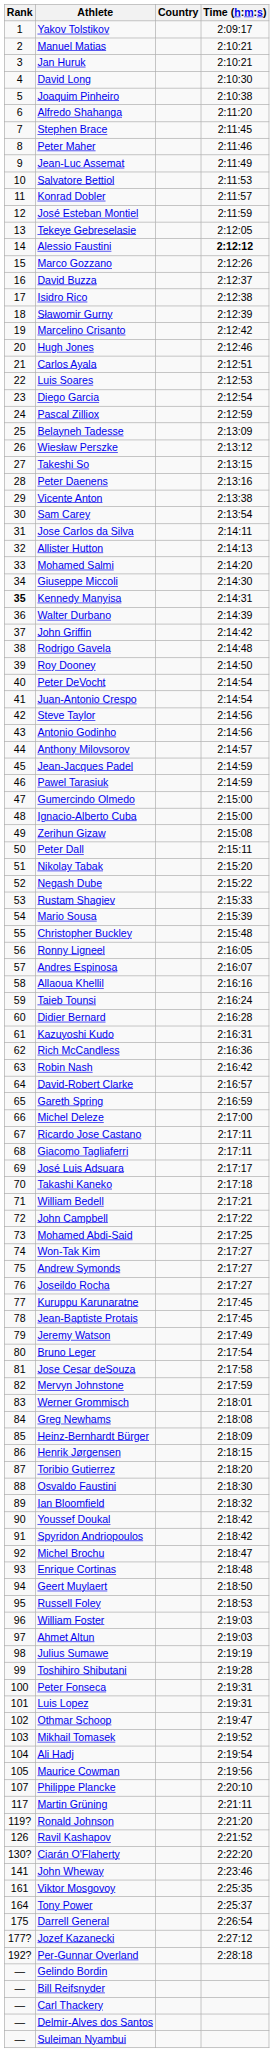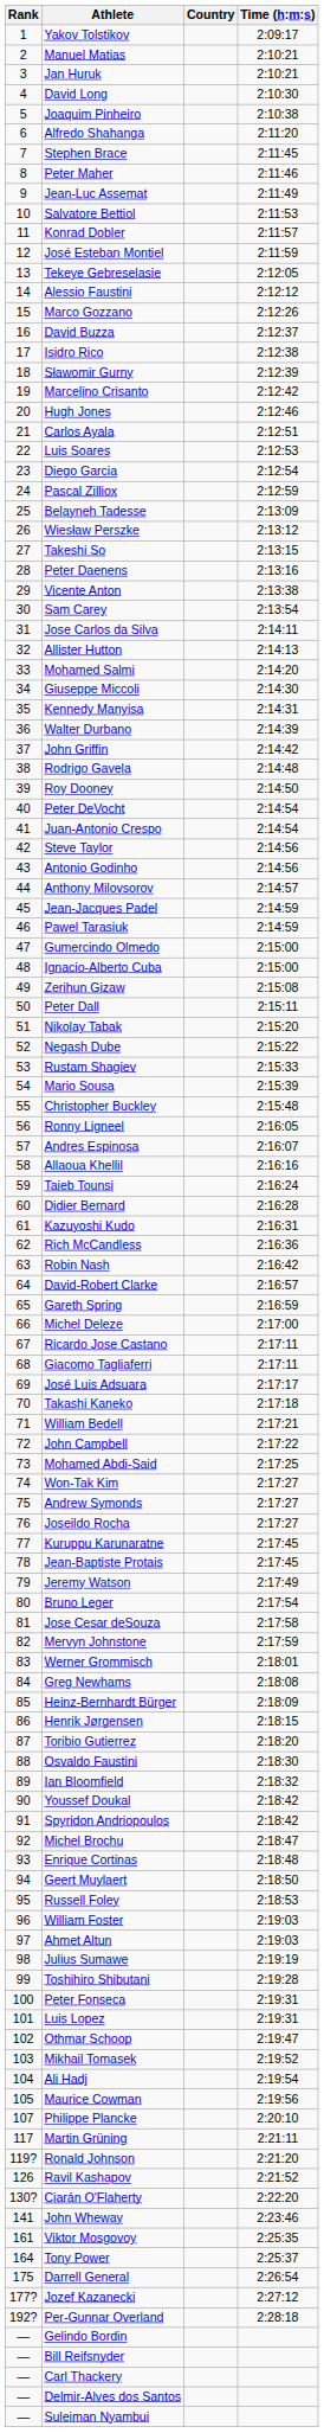 <table class="wikitable sortable" style="text-align:center">
 <tr>
 <th>Rank</th>
 <th>Athlete</th>
 <th>Country</th>
 <th>Time (<a href='#'>h</a>:<a href='#'>m</a>:<a href='#'>s</a>)</th>
 </tr>
 <tr>
 <td>1</td>
 <td align=left><a href='#'>Yakov Tolstikov</a></td>
 <td align=left></td>
 <td>2:09:17</td>
 </tr>
 <tr>
 <td>2</td>
 <td align=left><a href='#'>Manuel Matias</a></td>
 <td align=left></td>
 <td>2:10:21</td>
 </tr>
 <tr>
 <td>3</td>
 <td align=left><a href='#'>Jan Huruk</a></td>
 <td align=left></td>
 <td>2:10:21</td>
 </tr>
 <tr>
 <td>4</td>
 <td align=left><a href='#'>David Long</a></td>
 <td align=left></td>
 <td>2:10:30</td>
 </tr>
 <tr>
 <td>5</td>
 <td align=left><a href='#'>Joaquim Pinheiro</a></td>
 <td align=left></td>
 <td>2:10:38</td>
 </tr>
 <tr>
 <td>6</td>
 <td align=left><a href='#'>Alfredo Shahanga</a></td>
 <td align=left></td>
 <td>2:11:20</td>
 </tr>
 <tr>
 <td>7</td>
 <td align=left><a href='#'>Stephen Brace</a></td>
 <td align=left></td>
 <td>2:11:45</td>
 </tr>
 <tr>
 <td>8</td>
 <td align=left><a href='#'>Peter Maher</a></td>
 <td align=left></td>
 <td>2:11:46</td>
 </tr>
 <tr>
 <td>9</td>
 <td align=left><a href='#'>Jean-Luc Assemat</a></td>
 <td align=left></td>
 <td>2:11:49</td>
 </tr>
 <tr>
 <td>10</td>
 <td align=left><a href='#'>Salvatore Bettiol</a></td>
 <td align=left></td>
 <td>2:11:53</td>
 </tr>
 <tr>
 <td>11</td>
 <td align=left><a href='#'>Konrad Dobler</a></td>
 <td align=left></td>
 <td>2:11:57</td>
 </tr>
 <tr>
 <td>12</td>
 <td align=left><a href='#'>José Esteban Montiel</a></td>
 <td align=left></td>
 <td>2:11:59</td>
 </tr>
 <tr>
 <td>13</td>
 <td align=left><a href='#'>Tekeye Gebreselasie</a></td>
 <td align=left></td>
 <td>2:12:05</td>
 </tr>
 <tr>
 <td>14</td>
 <td align=left><a href='#'>Alessio Faustini</a></td>
 <td align=left></td>
-<td><strong>2:12:12</strong></td>
+<td>2:12:12</td>
 </tr>
 <tr>
 <td>15</td>
 <td align=left><a href='#'>Marco Gozzano</a></td>
 <td align=left></td>
 <td>2:12:26</td>
 </tr>
 <tr>
 <td>16</td>
 <td align=left><a href='#'>David Buzza</a></td>
 <td align=left></td>
 <td>2:12:37</td>
 </tr>
 <tr>
 <td>17</td>
 <td align=left><a href='#'>Isidro Rico</a></td>
 <td align=left></td>
 <td>2:12:38</td>
 </tr>
 <tr>
 <td>18</td>
 <td align=left><a href='#'>Sławomir Gurny</a></td>
 <td align=left></td>
 <td>2:12:39</td>
 </tr>
 <tr>
 <td>19</td>
 <td align=left><a href='#'>Marcelino Crisanto</a></td>
 <td align=left></td>
 <td>2:12:42</td>
 </tr>
 <tr>
 <td>20</td>
 <td align=left><a href='#'>Hugh Jones</a></td>
 <td align=left></td>
 <td>2:12:46</td>
 </tr>
 <tr>
 <td>21</td>
 <td align=left><a href='#'>Carlos Ayala</a></td>
 <td align=left></td>
 <td>2:12:51</td>
 </tr>
 <tr>
 <td>22</td>
 <td align=left><a href='#'>Luis Soares</a></td>
 <td align=left></td>
 <td>2:12:53</td>
 </tr>
 <tr>
 <td>23</td>
 <td align=left><a href='#'>Diego Garcia</a></td>
 <td align=left></td>
 <td>2:12:54</td>
 </tr>
 <tr>
 <td>24</td>
 <td align=left><a href='#'>Pascal Zilliox</a></td>
 <td align=left></td>
 <td>2:12:59</td>
 </tr>
 <tr>
 <td>25</td>
 <td align=left><a href='#'>Belayneh Tadesse</a></td>
 <td align=left></td>
 <td>2:13:09</td>
 </tr>
 <tr>
 <td>26</td>
 <td align=left><a href='#'>Wiesław Perszke</a></td>
 <td align=left></td>
 <td>2:13:12</td>
 </tr>
 <tr>
 <td>27</td>
 <td align=left><a href='#'>Takeshi So</a></td>
 <td align=left></td>
 <td>2:13:15</td>
 </tr>
 <tr>
 <td>28</td>
 <td align=left><a href='#'>Peter Daenens</a></td>
 <td align=left></td>
 <td>2:13:16</td>
 </tr>
 <tr>
 <td>29</td>
 <td align=left><a href='#'>Vicente Anton</a></td>
 <td align=left></td>
 <td>2:13:38</td>
 </tr>
 <tr>
 <td>30</td>
 <td align=left><a href='#'>Sam Carey</a></td>
 <td align=left></td>
 <td>2:13:54</td>
 </tr>
 <tr>
 <td>31</td>
 <td align=left><a href='#'>Jose Carlos da Silva</a></td>
 <td align=left></td>
 <td>2:14:11</td>
 </tr>
 <tr>
 <td>32</td>
 <td align=left><a href='#'>Allister Hutton</a></td>
 <td align=left></td>
 <td>2:14:13</td>
 </tr>
 <tr>
 <td>33</td>
 <td align=left><a href='#'>Mohamed Salmi</a></td>
 <td align=left></td>
 <td>2:14:20</td>
 </tr>
 <tr>
 <td>34</td>
 <td align=left><a href='#'>Giuseppe Miccoli</a></td>
 <td align=left></td>
 <td>2:14:30</td>
 </tr>
 <tr>
-<td><strong>35</strong></td>
+<td>35</td>
 <td align=left><a href='#'>Kennedy Manyisa</a></td>
 <td align=left></td>
 <td>2:14:31</td>
 </tr>
 <tr>
 <td>36</td>
 <td align=left><a href='#'>Walter Durbano</a></td>
 <td align=left></td>
 <td>2:14:39</td>
 </tr>
 <tr>
 <td>37</td>
 <td align=left><a href='#'>John Griffin</a></td>
 <td align=left></td>
 <td>2:14:42</td>
 </tr>
 <tr>
 <td>38</td>
 <td align=left><a href='#'>Rodrigo Gavela</a></td>
 <td align=left></td>
 <td>2:14:48</td>
 </tr>
 <tr>
 <td>39</td>
 <td align=left><a href='#'>Roy Dooney</a></td>
 <td align=left></td>
 <td>2:14:50</td>
 </tr>
 <tr>
 <td>40</td>
 <td align=left><a href='#'>Peter DeVocht</a></td>
 <td align=left></td>
 <td>2:14:54</td>
 </tr>
 <tr>
 <td>41</td>
 <td align=left><a href='#'>Juan-Antonio Crespo</a></td>
 <td align=left></td>
 <td>2:14:54</td>
 </tr>
 <tr>
 <td>42</td>
 <td align=left><a href='#'>Steve Taylor</a></td>
 <td align=left></td>
 <td>2:14:56</td>
 </tr>
 <tr>
 <td>43</td>
 <td align=left><a href='#'>Antonio Godinho</a></td>
 <td align=left></td>
 <td>2:14:56</td>
 </tr>
 <tr>
 <td>44</td>
 <td align=left><a href='#'>Anthony Milovsorov</a></td>
 <td align=left></td>
 <td>2:14:57</td>
 </tr>
 <tr>
 <td>45</td>
 <td align=left><a href='#'>Jean-Jacques Padel</a></td>
 <td align=left></td>
 <td>2:14:59</td>
 </tr>
 <tr>
 <td>46</td>
 <td align=left><a href='#'>Pawel Tarasiuk</a></td>
 <td align=left></td>
 <td>2:14:59</td>
 </tr>
 <tr>
 <td>47</td>
 <td align=left><a href='#'>Gumercindo Olmedo</a></td>
 <td align=left></td>
 <td>2:15:00</td>
 </tr>
 <tr>
 <td>48</td>
 <td align=left><a href='#'>Ignacio-Alberto Cuba</a></td>
 <td align=left></td>
 <td>2:15:00</td>
 </tr>
 <tr>
 <td>49</td>
 <td align=left><a href='#'>Zerihun Gizaw</a></td>
 <td align=left></td>
 <td>2:15:08</td>
 </tr>
 <tr>
 <td>50</td>
 <td align=left><a href='#'>Peter Dall</a></td>
 <td align=left></td>
 <td>2:15:11</td>
 </tr>
 <tr>
 <td>51</td>
 <td align=left><a href='#'>Nikolay Tabak</a></td>
 <td align=left></td>
 <td>2:15:20</td>
 </tr>
 <tr>
 <td>52</td>
 <td align=left><a href='#'>Negash Dube</a></td>
 <td align=left></td>
 <td>2:15:22</td>
 </tr>
 <tr>
 <td>53</td>
 <td align=left><a href='#'>Rustam Shagiev</a></td>
 <td align=left></td>
 <td>2:15:33</td>
 </tr>
 <tr>
 <td>54</td>
 <td align=left><a href='#'>Mario Sousa</a></td>
 <td align=left></td>
 <td>2:15:39</td>
 </tr>
 <tr>
 <td>55</td>
 <td align=left><a href='#'>Christopher Buckley</a></td>
 <td align=left></td>
 <td>2:15:48</td>
 </tr>
 <tr>
 <td>56</td>
 <td align=left><a href='#'>Ronny Ligneel</a></td>
 <td align=left></td>
 <td>2:16:05</td>
 </tr>
 <tr>
 <td>57</td>
 <td align=left><a href='#'>Andres Espinosa</a></td>
 <td align=left></td>
 <td>2:16:07</td>
 </tr>
 <tr>
 <td>58</td>
 <td align=left><a href='#'>Allaoua Khellil</a></td>
 <td align=left></td>
 <td>2:16:16</td>
 </tr>
 <tr>
 <td>59</td>
 <td align=left><a href='#'>Taieb Tounsi</a></td>
 <td align=left></td>
 <td>2:16:24</td>
 </tr>
 <tr>
 <td>60</td>
 <td align=left><a href='#'>Didier Bernard</a></td>
 <td align=left></td>
 <td>2:16:28</td>
 </tr>
 <tr>
 <td>61</td>
 <td align=left><a href='#'>Kazuyoshi Kudo</a></td>
 <td align=left></td>
 <td>2:16:31</td>
 </tr>
 <tr>
 <td>62</td>
 <td align=left><a href='#'>Rich McCandless</a></td>
 <td align=left></td>
 <td>2:16:36</td>
 </tr>
 <tr>
 <td>63</td>
 <td align=left><a href='#'>Robin Nash</a></td>
 <td align=left></td>
 <td>2:16:42</td>
 </tr>
 <tr>
 <td>64</td>
 <td align=left><a href='#'>David-Robert Clarke</a></td>
 <td align=left></td>
 <td>2:16:57</td>
 </tr>
 <tr>
 <td>65</td>
 <td align=left><a href='#'>Gareth Spring</a></td>
 <td align=left></td>
 <td>2:16:59</td>
 </tr>
 <tr>
 <td>66</td>
 <td align=left><a href='#'>Michel Deleze</a></td>
 <td align=left></td>
 <td>2:17:00</td>
 </tr>
 <tr>
 <td>67</td>
 <td align=left><a href='#'>Ricardo Jose Castano</a></td>
 <td align=left></td>
 <td>2:17:11</td>
 </tr>
 <tr>
 <td>68</td>
 <td align=left><a href='#'>Giacomo Tagliaferri</a></td>
 <td align=left></td>
 <td>2:17:11</td>
 </tr>
 <tr>
 <td>69</td>
 <td align=left><a href='#'>José Luis Adsuara</a></td>
 <td align=left></td>
 <td>2:17:17</td>
 </tr>
 <tr>
 <td>70</td>
 <td align=left><a href='#'>Takashi Kaneko</a></td>
 <td align=left></td>
 <td>2:17:18</td>
 </tr>
 <tr>
 <td>71</td>
 <td align=left><a href='#'>William Bedell</a></td>
 <td align=left></td>
 <td>2:17:21</td>
 </tr>
 <tr>
 <td>72</td>
 <td align=left><a href='#'>John Campbell</a></td>
 <td align=left></td>
 <td>2:17:22</td>
 </tr>
 <tr>
 <td>73</td>
 <td align=left><a href='#'>Mohamed Abdi-Said</a></td>
 <td align=left></td>
 <td>2:17:25</td>
 </tr>
 <tr>
 <td>74</td>
 <td align=left><a href='#'>Won-Tak Kim</a></td>
 <td align=left></td>
 <td>2:17:27</td>
 </tr>
 <tr>
 <td>75</td>
 <td align=left><a href='#'>Andrew Symonds</a></td>
 <td align=left></td>
 <td>2:17:27</td>
 </tr>
 <tr>
 <td>76</td>
 <td align=left><a href='#'>Joseildo Rocha</a></td>
 <td align=left></td>
 <td>2:17:27</td>
 </tr>
 <tr>
 <td>77</td>
 <td align=left><a href='#'>Kuruppu Karunaratne</a></td>
 <td align=left></td>
 <td>2:17:45</td>
 </tr>
 <tr>
 <td>78</td>
 <td align=left><a href='#'>Jean-Baptiste Protais</a></td>
 <td align=left></td>
 <td>2:17:45</td>
 </tr>
 <tr>
 <td>79</td>
 <td align=left><a href='#'>Jeremy Watson</a></td>
 <td align=left></td>
 <td>2:17:49</td>
 </tr>
 <tr>
 <td>80</td>
 <td align=left><a href='#'>Bruno Leger</a></td>
 <td align=left></td>
 <td>2:17:54</td>
 </tr>
 <tr>
 <td>81</td>
 <td align=left><a href='#'>Jose Cesar deSouza</a></td>
 <td align=left></td>
 <td>2:17:58</td>
 </tr>
 <tr>
 <td>82</td>
 <td align=left><a href='#'>Mervyn Johnstone</a></td>
 <td align=left></td>
 <td>2:17:59</td>
 </tr>
 <tr>
 <td>83</td>
 <td align=left><a href='#'>Werner Grommisch</a></td>
 <td align=left></td>
 <td>2:18:01</td>
 </tr>
 <tr>
 <td>84</td>
 <td align=left><a href='#'>Greg Newhams</a></td>
 <td align=left></td>
 <td>2:18:08</td>
 </tr>
 <tr>
 <td>85</td>
 <td align=left><a href='#'>Heinz-Bernhardt Bürger</a></td>
 <td align=left></td>
 <td>2:18:09</td>
 </tr>
 <tr>
 <td>86</td>
 <td align=left><a href='#'>Henrik Jørgensen</a></td>
 <td align=left></td>
 <td>2:18:15</td>
 </tr>
 <tr>
 <td>87</td>
 <td align=left><a href='#'>Toribio Gutierrez</a></td>
 <td align=left></td>
 <td>2:18:20</td>
 </tr>
 <tr>
 <td>88</td>
 <td align=left><a href='#'>Osvaldo Faustini</a></td>
 <td align=left></td>
 <td>2:18:30</td>
 </tr>
 <tr>
 <td>89</td>
 <td align=left><a href='#'>Ian Bloomfield</a></td>
 <td align=left></td>
 <td>2:18:32</td>
 </tr>
 <tr>
 <td>90</td>
 <td align=left><a href='#'>Youssef Doukal</a></td>
 <td align=left></td>
 <td>2:18:42</td>
 </tr>
 <tr>
 <td>91</td>
 <td align=left><a href='#'>Spyridon Andriopoulos</a></td>
 <td align=left></td>
 <td>2:18:42</td>
 </tr>
 <tr>
 <td>92</td>
 <td align=left><a href='#'>Michel Brochu</a></td>
 <td align=left></td>
 <td>2:18:47</td>
 </tr>
 <tr>
 <td>93</td>
 <td align=left><a href='#'>Enrique Cortinas</a></td>
 <td align=left></td>
 <td>2:18:48</td>
 </tr>
 <tr>
 <td>94</td>
 <td align=left><a href='#'>Geert Muylaert</a></td>
 <td align=left></td>
 <td>2:18:50</td>
 </tr>
 <tr>
 <td>95</td>
 <td align=left><a href='#'>Russell Foley</a></td>
 <td align=left></td>
 <td>2:18:53</td>
 </tr>
 <tr>
 <td>96</td>
 <td align=left><a href='#'>William Foster</a></td>
 <td align=left></td>
 <td>2:19:03</td>
 </tr>
 <tr>
 <td>97</td>
 <td align=left><a href='#'>Ahmet Altun</a></td>
 <td align=left></td>
 <td>2:19:03</td>
 </tr>
 <tr>
 <td>98</td>
 <td align=left><a href='#'>Julius Sumawe</a></td>
 <td align=left></td>
 <td>2:19:19</td>
 </tr>
 <tr>
 <td>99</td>
 <td align=left><a href='#'>Toshihiro Shibutani</a></td>
 <td align=left></td>
 <td>2:19:28</td>
 </tr>
 <tr>
 <td>100</td>
 <td align=left><a href='#'>Peter Fonseca</a></td>
 <td align=left></td>
 <td>2:19:31</td>
 </tr>
 <tr>
 <td>101</td>
 <td align=left><a href='#'>Luis Lopez</a></td>
 <td align=left></td>
 <td>2:19:31</td>
 </tr>
 <tr>
 <td>102</td>
 <td align=left><a href='#'>Othmar Schoop</a></td>
 <td align=left></td>
 <td>2:19:47</td>
 </tr>
 <tr>
 <td>103</td>
 <td align=left><a href='#'>Mikhail Tomasek</a></td>
 <td align=left></td>
 <td>2:19:52</td>
 </tr>
 <tr>
 <td>104</td>
 <td align=left><a href='#'>Ali Hadj</a></td>
 <td align=left></td>
 <td>2:19:54</td>
 </tr>
 <tr>
 <td>105</td>
 <td align=left><a href='#'>Maurice Cowman</a></td>
 <td align=left></td>
 <td>2:19:56</td>
 </tr>
 <tr>
 <td>107</td>
 <td align=left><a href='#'>Philippe Plancke</a></td>
 <td align=left></td>
 <td>2:20:10</td>
 </tr>
 <tr>
 <td>117</td>
 <td align=left><a href='#'>Martin Grüning</a></td>
 <td align=left></td>
 <td>2:21:11</td>
 </tr>
 <tr>
 <td>119?</td>
 <td align=left><a href='#'>Ronald Johnson</a></td>
 <td align=left></td>
 <td>2:21:20</td>
 </tr>
 <tr>
 <td>126</td>
 <td align=left><a href='#'>Ravil Kashapov</a></td>
 <td align=left></td>
 <td>2:21:52</td>
 </tr>
 <tr>
 <td>130?</td>
 <td align=left><a href='#'>Ciarán O'Flaherty</a></td>
 <td align=left></td>
 <td>2:22:20</td>
 </tr>
 <tr>
 <td>141</td>
 <td align=left><a href='#'>John Wheway</a></td>
 <td align=left></td>
 <td>2:23:46</td>
 </tr>
 <tr>
 <td>161</td>
 <td align=left><a href='#'>Viktor Mosgovoy</a></td>
 <td align=left></td>
 <td>2:25:35</td>
 </tr>
 <tr>
 <td>164</td>
 <td align=left><a href='#'>Tony Power</a></td>
 <td align=left></td>
 <td>2:25:37</td>
 </tr>
 <tr>
 <td>175</td>
 <td align=left><a href='#'>Darrell General</a></td>
 <td align=left></td>
 <td>2:26:54</td>
 </tr>
 <tr>
 <td>177?</td>
 <td align=left><a href='#'>Jozef Kazanecki</a></td>
 <td align=left></td>
 <td>2:27:12</td>
 </tr>
 <tr>
 <td>192?</td>
 <td align=left><a href='#'>Per-Gunnar Overland</a></td>
 <td align=left></td>
 <td>2:28:18</td>
 </tr>
 <tr>
 <td>—</td>
 <td align=left><a href='#'>Gelindo Bordin</a></td>
 <td align=left></td>
 <td></td>
 </tr>
 <tr>
 <td>—</td>
 <td align=left><a href='#'>Bill Reifsnyder</a></td>
 <td align=left></td>
 <td></td>
 </tr>
 <tr>
 <td>—</td>
 <td align=left><a href='#'>Carl Thackery</a></td>
 <td align=left></td>
 <td></td>
 </tr>
 <tr>
 <td>—</td>
 <td align=left><a href='#'>Delmir-Alves dos Santos</a></td>
 <td align=left></td>
 <td></td>
 </tr>
 <tr>
 <td>—</td>
 <td align=left><a href='#'>Suleiman Nyambui</a></td>
 <td align=left></td>
 <td></td>
 </tr>
 </table>
